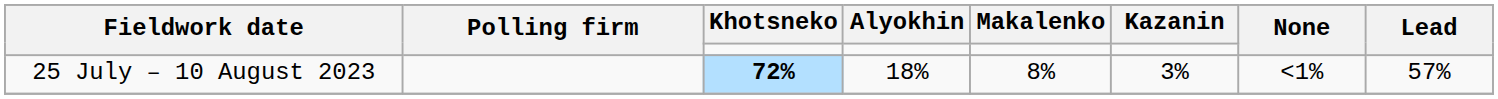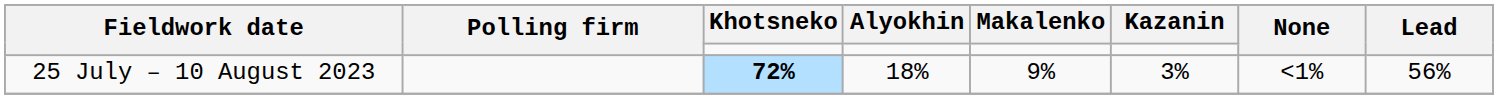 <table class=wikitable style="font-size:95%; line-height:14px; text-align:center">
 <tr>
 <th style=width:200px; rowspan=2>Fieldwork date</th>
 <th style=width:150px; rowspan=2>Polling firm</th>
 <th style="width:60px;">Khotsneko</th>
 <th style="width:60px;">Alyokhin</th>
 <th style="width:60px;">Makalenko</th>
 <th style="width:60px;">Kazanin</th>
 <th style="width:60px;" rowspan=2>None</th>
 <th style="width:60px;" rowspan="2">Lead</th>
 </tr>
 <tr>
 <td bgcolor=></td>
 <td bgcolor=></td>
 <td bgcolor=></td>
 <td bgcolor=></td>
 </tr>
 <tr>
 <td>25 July – 10 August 2023</td>
 <td></td>
 <td style="background:#B3E0FF"><strong>72%</strong></td>
 <td>18%</td>
-<td>8%</td>
+<td>9%</td>
 <td>3%</td>
 <td><1%</td>
-<td style="background:">57%</td>
+<td style="background:">56%</td>
 </tr>
 <tr>
 </tr>
 </table>
